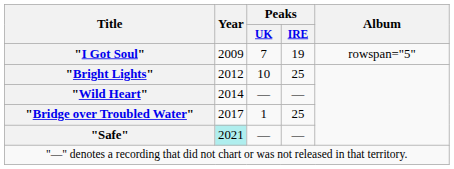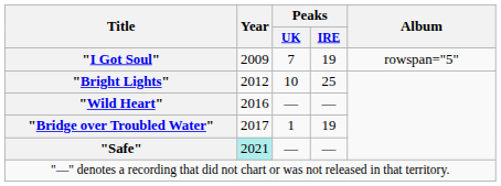 <table class="wikitable plainrowheaders" style="text-align:center;">
 <tr>
 <th scope="col" rowspan="2" style="width:16em;">Title</th>
 <th scope="col" rowspan="2" style="width:1em;">Year</th>
 <th scope="col" colspan="2">Peaks</th>
 <th scope="col" rowspan="2" style="width:10em;">Album</th>
 </tr>
 <tr>
 <th scope="col" style="width:2.5em;font-size:90%;"><a href='#'>UK</a><br></th>
 <th scope="col" style="width:2.5em;font-size:90%;"><a href='#'>IRE</a><br></th>
 </tr>
 <tr>
 <th scope="row">"<a href='#'>I Got Soul</a>"<br></th>
 <td>2009</td>
 <td>7</td>
 <td>19</td>
 <td>rowspan="5" </td>
 </tr>
 <tr>
 <th scope="row">"<a href='#'>Bright Lights</a>"<br></th>
 <td>2012</td>
 <td>10</td>
 <td>25</td>
 </tr>
 <tr>
 <th scope="row">"<a href='#'>Wild Heart</a>"<br></th>
-<td>2014</td>
+<td>2016</td>
 <td>—</td>
 <td>—</td>
 </tr>
 <tr>
 <th scope="row">"<a href='#'>Bridge over Troubled Water</a>"<br></th>
 <td>2017</td>
 <td>1</td>
-<td>25</td>
+<td>19</td>
 </tr>
 <tr>
 <th scope="row">"Safe"<br></th>
 <td style="background: paleturquoise;">2021</td>
 <td>—</td>
 <td>—</td>
 </tr>
 <tr>
 <td colspan="20" style="font-size:90%">"—" denotes a recording that did not chart or was not released in that territory.</td>
 </tr>
 </table>
